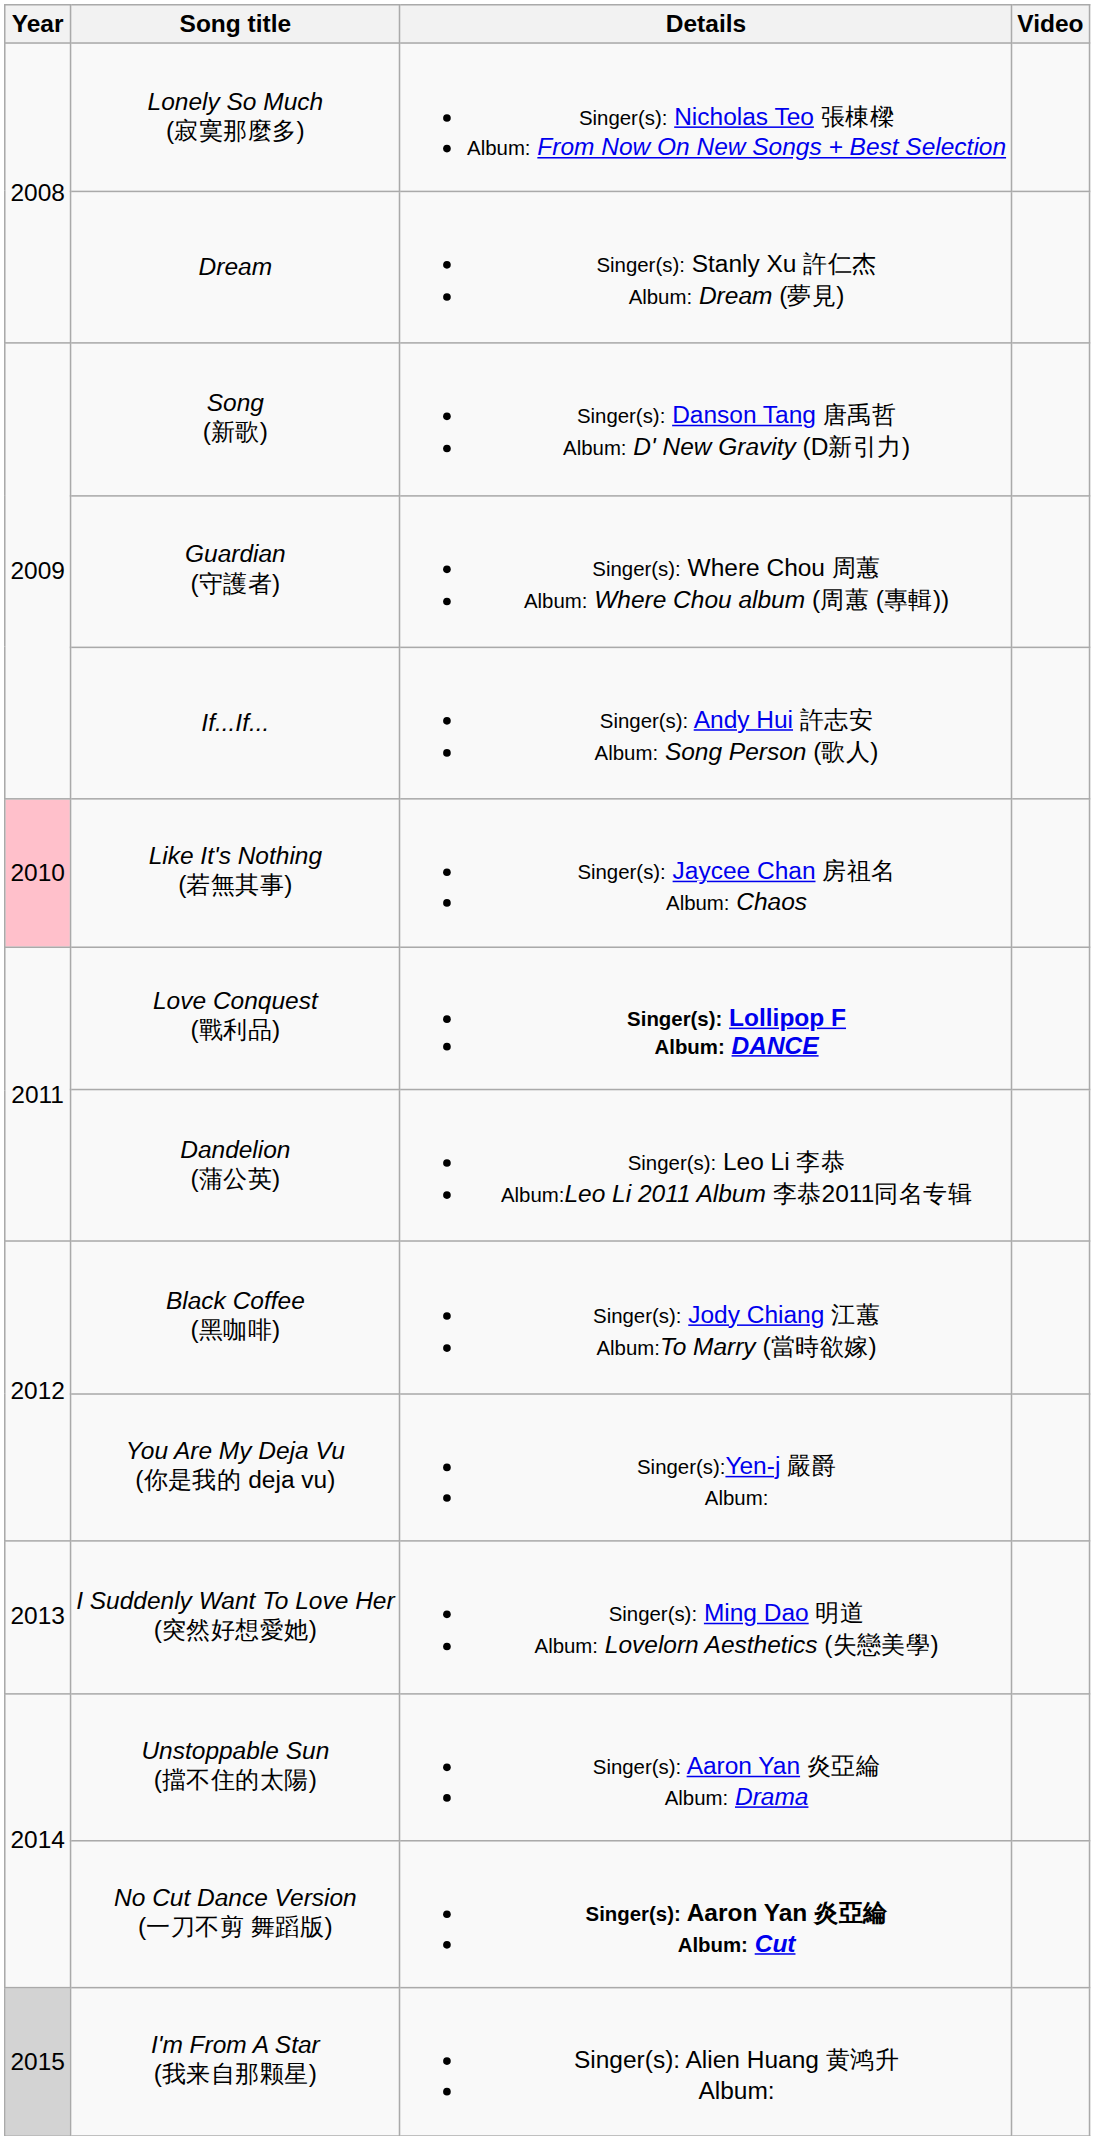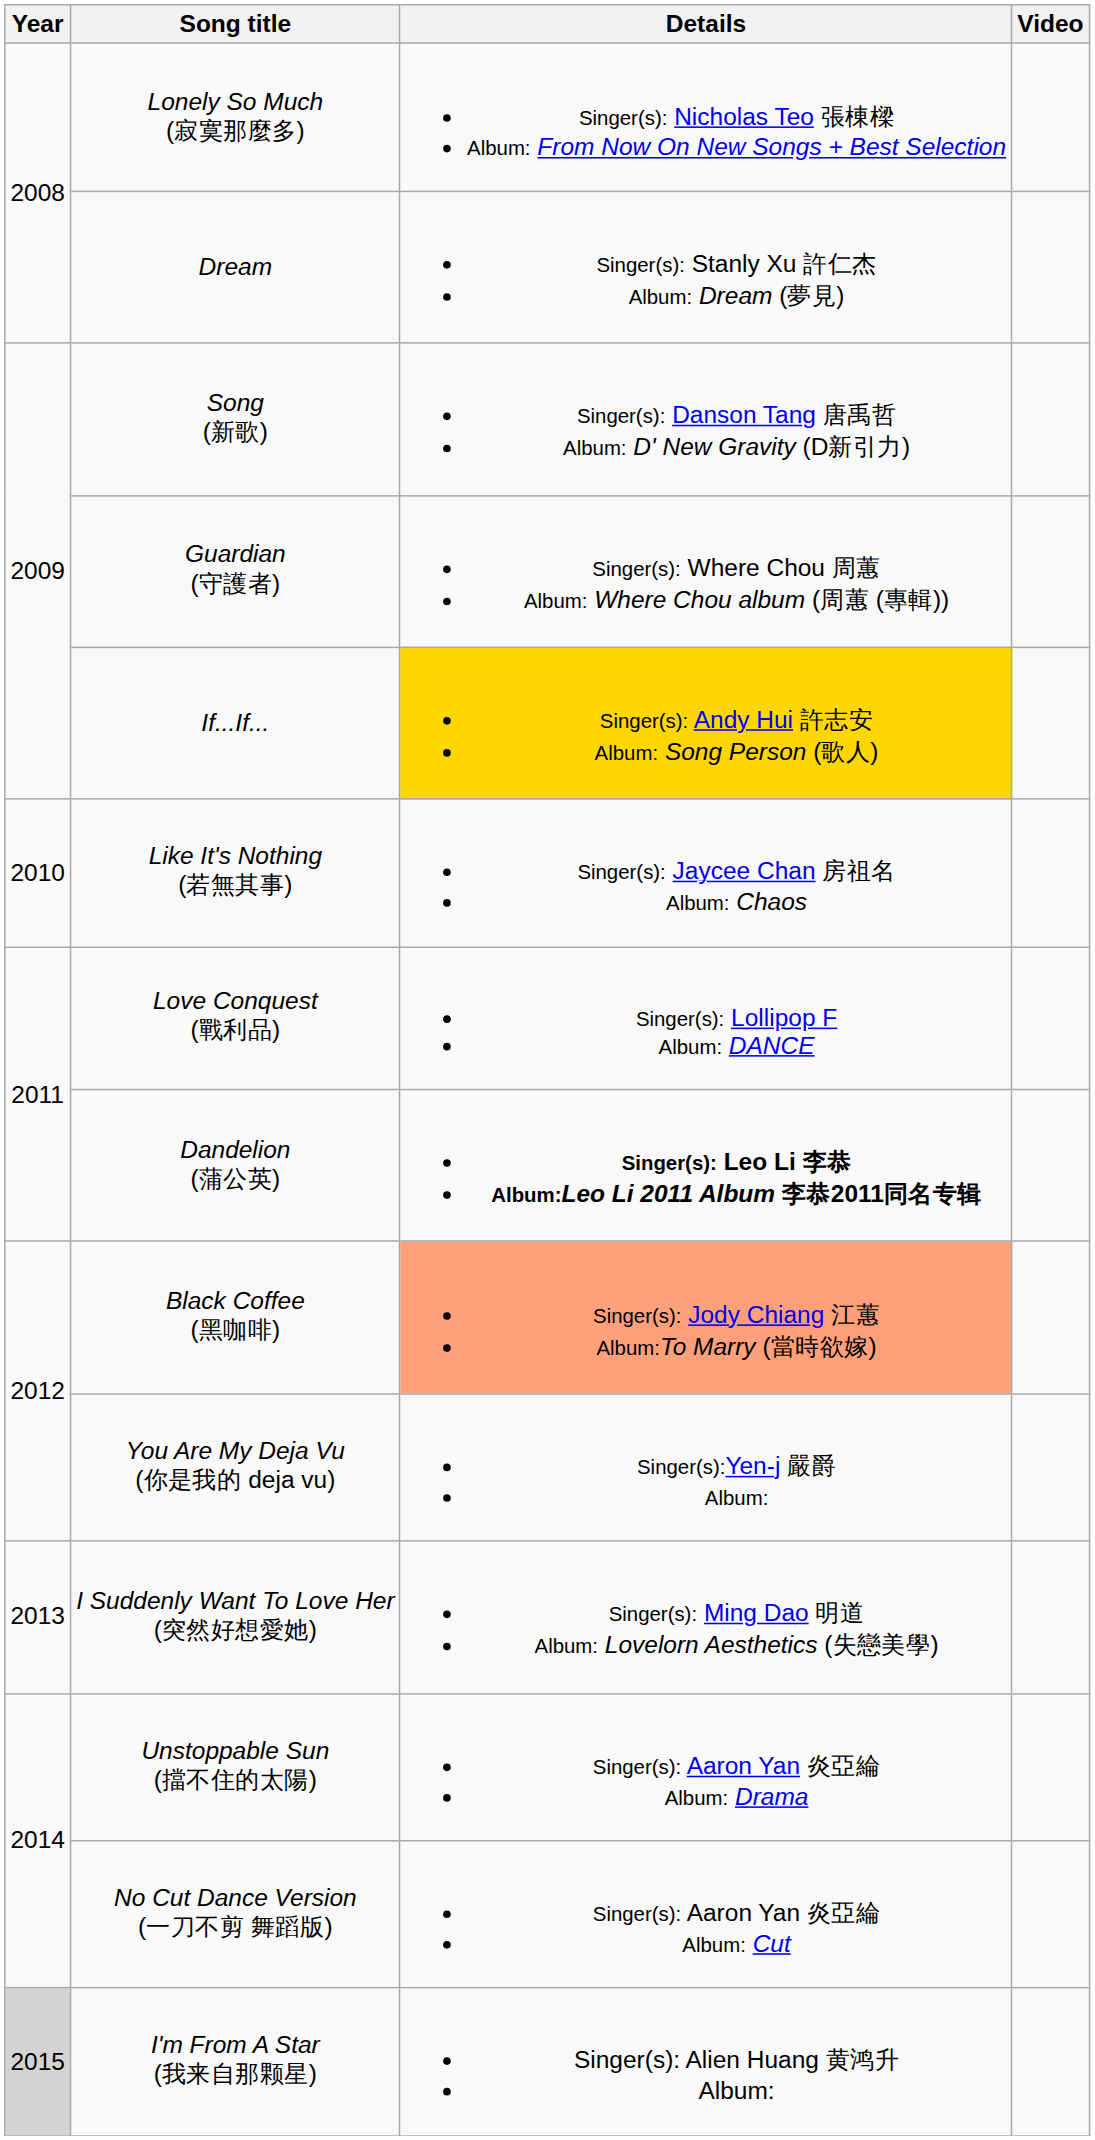 <table class="wikitable sortable">
 <tr>
 <th>Year</th>
 <th>Song title</th>
 <th>Details</th>
 <th>Video</th>
 </tr>
 <tr align="center">
 <td rowspan="2">2008</td>
 <td><em>Lonely So Much</em><br>(寂寞那麼多)</td>
 <td><br><ul><li><small>Singer(s):</small> <a href='#'>Nicholas Teo</a> 張棟樑</li><li><small>Album:</small> <em><a href='#'>From Now On New Songs + Best Selection</a></em></li></ul></td>
 <td></td>
 </tr>
 <tr align="center">
 <td><em>Dream</em></td>
 <td><br><ul><li><small>Singer(s):</small> Stanly Xu 許仁杰</li><li><small>Album:</small> <em>Dream</em> (夢見)</li></ul></td>
 <td></td>
 </tr>
 <tr align="center">
 <td rowspan="3">2009</td>
 <td><em>Song</em><br>(新歌)</td>
 <td><br><ul><li><small>Singer(s):</small> <a href='#'>Danson Tang</a> 唐禹哲</li><li><small>Album:</small> <em>D' New Gravity</em> (D新引力)</li></ul></td>
 <td></td>
 </tr>
 <tr align="center">
 <td><em>Guardian</em><br>(守護者)</td>
 <td><br><ul><li><small>Singer(s):</small> Where Chou 周蕙</li><li><small>Album:</small> <em>Where Chou album</em> (周蕙 (專輯))</li></ul></td>
 <td></td>
 </tr>
 <tr align="center">
 <td><em>If...If...</em></td>
-<td><br><ul><li><small>Singer(s):</small> <a href='#'>Andy Hui</a> 許志安</li><li><small>Album:</small> <em>Song Person</em> (歌人)</li></ul></td>
+<td style="background: gold;"><br><ul><li><small>Singer(s):</small> <a href='#'>Andy Hui</a> 許志安</li><li><small>Album:</small> <em>Song Person</em> (歌人)</li></ul></td>
 <td></td>
 </tr>
 <tr align="center">
-<td style="background: pink;">2010</td>
+<td>2010</td>
 <td><em>Like It's Nothing</em><br>(若無其事)</td>
 <td><br><ul><li><small>Singer(s):</small> <a href='#'>Jaycee Chan</a> 房祖名</li><li><small>Album:</small> <em>Chaos</em></li></ul></td>
 <td></td>
 </tr>
 <tr align="center">
 <td rowspan="2">2011</td>
 <td><em>Love Conquest</em><br>(戰利品)</td>
-<td><strong><br><ul><li><small>Singer(s):</small> <a href='#'>Lollipop F</a></li><li><small>Album:</small> <em><a href='#'>DANCE</a></em></li></ul></strong></td>
+<td><br><ul><li><small>Singer(s):</small> <a href='#'>Lollipop F</a></li><li><small>Album:</small> <em><a href='#'>DANCE</a></em></li></ul></td>
 <td></td>
 </tr>
 <tr align="center">
 <td><em>Dandelion</em><br>(蒲公英)</td>
-<td><br><ul><li><small>Singer(s):</small> Leo Li 李恭</li><li><small>Album:</small><em>Leo Li 2011 Album</em> 李恭2011同名专辑</li></ul></td>
+<td><strong><br><ul><li><small>Singer(s):</small> Leo Li 李恭</li><li><small>Album:</small><em>Leo Li 2011 Album</em> 李恭2011同名专辑</li></ul></strong></td>
 <td></td>
 </tr>
 <tr align="center">
 <td rowspan="2">2012</td>
 <td><em>Black Coffee</em><br>(黑咖啡)</td>
-<td><br><ul><li><small>Singer(s):</small> <a href='#'>Jody Chiang</a> 江蕙</li><li><small>Album:</small><em>To Marry</em> (當時欲嫁)</li></ul></td>
+<td style="background: lightsalmon;"><br><ul><li><small>Singer(s):</small> <a href='#'>Jody Chiang</a> 江蕙</li><li><small>Album:</small><em>To Marry</em> (當時欲嫁)</li></ul></td>
 <td></td>
 </tr>
 <tr align="center">
 <td><em>You Are My Deja Vu</em><br>(你是我的 deja vu)</td>
 <td><br><ul><li><small>Singer(s):</small><a href='#'>Yen-j</a> 嚴爵</li><li><small>Album:</small></li></ul></td>
 <td></td>
 </tr>
 <tr align="center">
 <td>2013</td>
 <td><em>I Suddenly Want To Love Her</em><br>(突然好想愛她)</td>
 <td><br><ul><li><small>Singer(s):</small> <a href='#'>Ming Dao</a> 明道</li><li><small>Album:</small> <em>Lovelorn Aesthetics</em> (失戀美學)</li></ul></td>
 <td></td>
 </tr>
 <tr align="center">
 <td rowspan="2">2014</td>
 <td><em>Unstoppable Sun</em><br>(擋不住的太陽)</td>
 <td><br><ul><li><small>Singer(s):</small> <a href='#'>Aaron Yan</a> 炎亞綸</li><li><small>Album:</small> <em><a href='#'>Drama</a></em></li></ul></td>
 <td></td>
 </tr>
 <tr align="center">
 <td><em>No Cut Dance Version</em><br>(一刀不剪 舞蹈版)</td>
-<td><strong><br><ul><li><small>Singer(s):</small> Aaron Yan 炎亞綸</li><li><small>Album:</small> <em><a href='#'>Cut</a></em></li></ul></strong></td>
+<td><br><ul><li><small>Singer(s):</small> Aaron Yan 炎亞綸</li><li><small>Album:</small> <em><a href='#'>Cut</a></em></li></ul></td>
 <td></td>
 </tr>
 <tr align="center">
 <td style="background: lightgrey;">2015</td>
 <td><em>I'm From A Star</em><br>(我来自那颗星)</td>
 <td><br><ul><li>Singer(s): Alien Huang 黄鸿升</li><li>Album:</li></ul></td>
 <td></td>
 </tr>
 </table>
